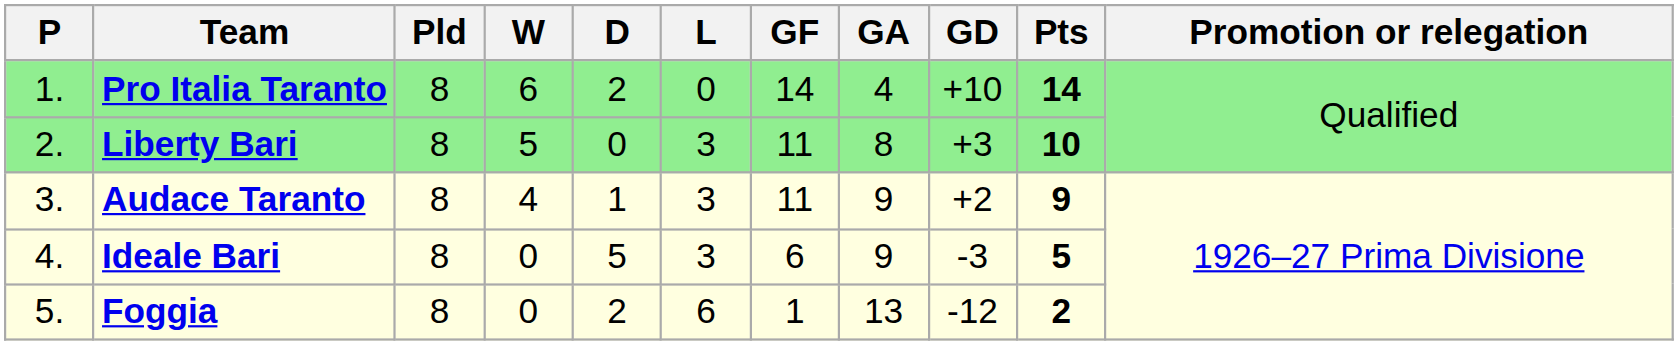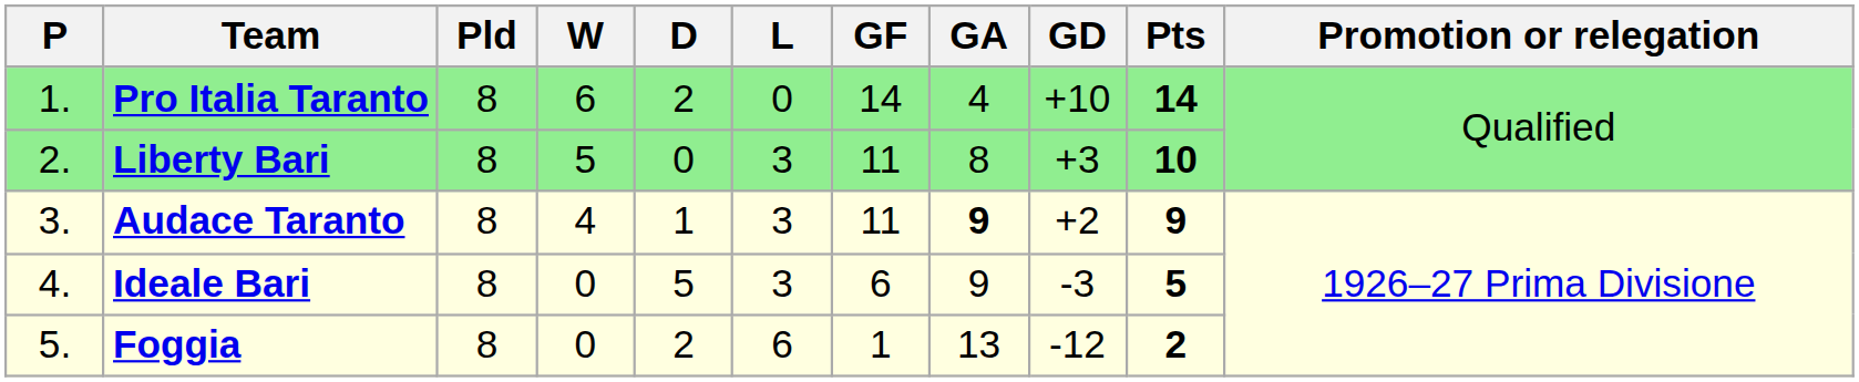 <table class="wikitable sortable" style="text-align: center;">
 <tr>
 <th width=33>P<br></th>
 <th>Team<br></th>
 <th width=33>Pld<br></th>
 <th width=33>W<br></th>
 <th width=33>D<br></th>
 <th width=33>L<br></th>
 <th width=33>GF<br></th>
 <th width=33>GA<br></th>
 <th width=33>GD<br></th>
 <th width=33>Pts<br></th>
 <th class="unsortable" width=250>Promotion or relegation<br></th>
 </tr>
 <tr style="background: #90EE90;">
 <td>1.</td>
 <td align="left"><strong><a href='#'>Pro Italia Taranto</a></strong></td>
 <td>8</td>
 <td>6</td>
 <td>2</td>
 <td>0</td>
 <td>14</td>
 <td>4</td>
 <td>+10</td>
 <td><strong>14</strong></td>
 <td rowspan="2">Qualified</td>
 </tr>
 <tr style="background: #90EE90;">
 <td>2.</td>
 <td align="left"><strong><a href='#'>Liberty Bari</a></strong></td>
 <td>8</td>
 <td>5</td>
 <td>0</td>
 <td>3</td>
 <td>11</td>
 <td>8</td>
 <td>+3</td>
 <td><strong>10</strong></td>
 </tr>
 <tr style="background:lightyellow">
 <td>3.</td>
 <td align="left"><strong><a href='#'>Audace Taranto</a></strong></td>
 <td>8</td>
 <td>4</td>
 <td>1</td>
 <td>3</td>
 <td>11</td>
-<td>9</td>
+<td><strong>9</strong></td>
 <td>+2</td>
 <td><strong>9</strong></td>
 <td rowspan="3"><a href='#'>1926–27 Prima Divisione</a></td>
 </tr>
 <tr style="background:lightyellow">
 <td>4.</td>
 <td align="left"><strong><a href='#'>Ideale Bari</a></strong></td>
 <td>8</td>
 <td>0</td>
 <td>5</td>
 <td>3</td>
 <td>6</td>
 <td>9</td>
 <td>-3</td>
 <td><strong>5</strong></td>
 </tr>
 <tr style="background:lightyellow">
 <td>5.</td>
 <td align="left"><strong><a href='#'>Foggia</a></strong></td>
 <td>8</td>
 <td>0</td>
 <td>2</td>
 <td>6</td>
 <td>1</td>
 <td>13</td>
 <td>-12</td>
 <td><strong>2</strong></td>
 </tr>
 </table>
